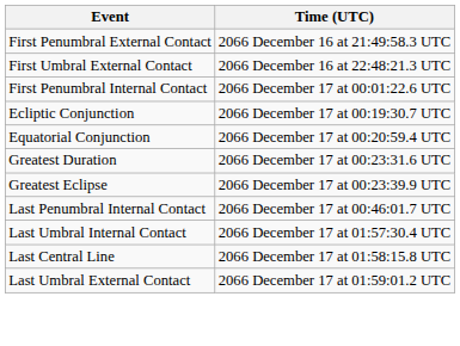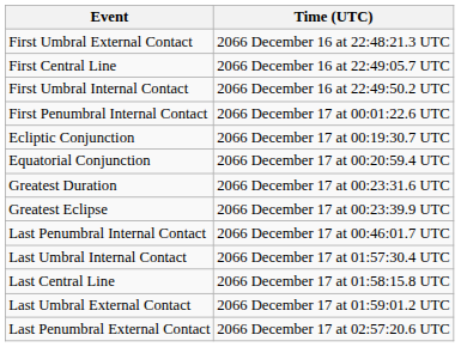 <table class="wikitable">
 <tr>
 <th>Event</th>
 <th>Time (UTC)</th>
 </tr>
 <tr>
-<td>First Penumbral External Contact</td>
-<td>2066 December 16 at 21:49:58.3 UTC</td>
+<td>First Umbral External Contact</td>
+<td>2066 December 16 at 22:48:21.3 UTC</td>
 </tr>
 <tr>
-<td>First Umbral External Contact</td>
-<td>2066 December 16 at 22:48:21.3 UTC</td>
+<td>First Central Line</td>
+<td>2066 December 16 at 22:49:05.7 UTC</td>
+</tr>
+<tr>
+<td>First Umbral Internal Contact</td>
+<td>2066 December 16 at 22:49:50.2 UTC</td>
 </tr>
 <tr>
 <td>First Penumbral Internal Contact</td>
 <td>2066 December 17 at 00:01:22.6 UTC</td>
 </tr>
 <tr>
 <td>Ecliptic Conjunction</td>
 <td>2066 December 17 at 00:19:30.7 UTC</td>
 </tr>
 <tr>
 <td>Equatorial Conjunction</td>
 <td>2066 December 17 at 00:20:59.4 UTC</td>
 </tr>
 <tr>
 <td>Greatest Duration</td>
 <td>2066 December 17 at 00:23:31.6 UTC</td>
 </tr>
 <tr>
 <td>Greatest Eclipse</td>
 <td>2066 December 17 at 00:23:39.9 UTC</td>
 </tr>
 <tr>
 <td>Last Penumbral Internal Contact</td>
 <td>2066 December 17 at 00:46:01.7 UTC</td>
 </tr>
 <tr>
 <td>Last Umbral Internal Contact</td>
 <td>2066 December 17 at 01:57:30.4 UTC</td>
 </tr>
 <tr>
 <td>Last Central Line</td>
 <td>2066 December 17 at 01:58:15.8 UTC</td>
 </tr>
 <tr>
 <td>Last Umbral External Contact</td>
 <td>2066 December 17 at 01:59:01.2 UTC</td>
 </tr>
+<tr>
+<td>Last Penumbral External Contact</td>
+<td>2066 December 17 at 02:57:20.6 UTC</td>
+</tr>
 </table>
